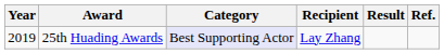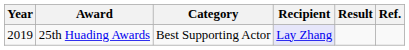 <table class="wikitable">
 <tr>
 <th>Year</th>
 <th>Award</th>
 <th>Category</th>
 <th>Recipient</th>
 <th>Result</th>
 <th>Ref.</th>
 </tr>
 <tr>
 <td rowspan=2>2019</td>
 <td>25th <a href='#'>Huading Awards</a></td>
-<td style="background: lavender;">Best Supporting Actor</td>
-<td><a href='#'>Lay Zhang</a></td>
+<td>Best Supporting Actor</td>
+<td style="background: lavender;"><a href='#'>Lay Zhang</a></td>
 <td></td>
 <td></td>
 </tr>
 </table>
